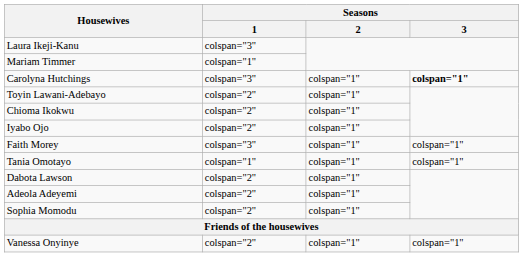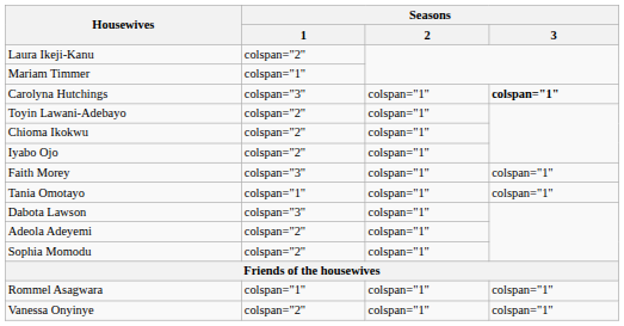 <table class="wikitable plainrowheaders" width="50%">
 <tr>
 <th rowspan="2" style="width:20%;">Housewives</th>
 <th colspan="3">Seasons</th>
 </tr>
 <tr>
 <th style="width:10%;">1</th>
 <th style="width:10%;">2</th>
 <th style="width:10%;">3</th>
 </tr>
 <tr>
 <td>Laura Ikeji-Kanu</td>
-<td>colspan="3" </td>
+<td>colspan="2" </td>
 </tr>
 <tr>
 <td>Mariam Timmer</td>
 <td>colspan="1" </td>
 </tr>
 <tr>
 <td nowrap="">Carolyna Hutchings</td>
 <td>colspan="3" </td>
 <td>colspan="1" </td>
 <td><strong>colspan="1" </strong></td>
 </tr>
 <tr>
 <td>Toyin Lawani-Adebayo</td>
 <td>colspan="2" </td>
 <td>colspan="1" </td>
 </tr>
 <tr>
 <td>Chioma Ikokwu</td>
 <td>colspan="2" </td>
 <td>colspan="1" </td>
 </tr>
 <tr>
 <td>Iyabo Ojo</td>
 <td>colspan="2" </td>
 <td>colspan="1" </td>
 </tr>
 <tr>
 <td>Faith Morey</td>
 <td>colspan="3" </td>
 <td>colspan="1" </td>
 <td>colspan="1" </td>
 </tr>
 <tr>
 <td>Tania Omotayo</td>
 <td>colspan="1" </td>
 <td>colspan="1" </td>
 <td>colspan="1" </td>
 </tr>
 <tr>
 <td nowrap="">Dabota Lawson</td>
-<td>colspan="2" </td>
+<td>colspan="3" </td>
 <td>colspan="1" </td>
 </tr>
 <tr>
 <td>Adeola Adeyemi</td>
 <td>colspan="2" </td>
 <td>colspan="1" </td>
 </tr>
 <tr>
 <td>Sophia Momodu</td>
 <td>colspan="2" </td>
 <td>colspan="1" </td>
 </tr>
 <tr>
 <th colspan="4">Friends of the housewives</th>
 </tr>
 <tr>
+<td>Rommel Asagwara</td>
+<td>colspan="1" </td>
+<td>colspan="1" </td>
+<td>colspan="1"</td>
+</tr>
+<tr>
 <td>Vanessa Onyinye</td>
 <td>colspan="2" </td>
 <td>colspan="1" </td>
 <td>colspan="1" </td>
 </tr>
 </table>
